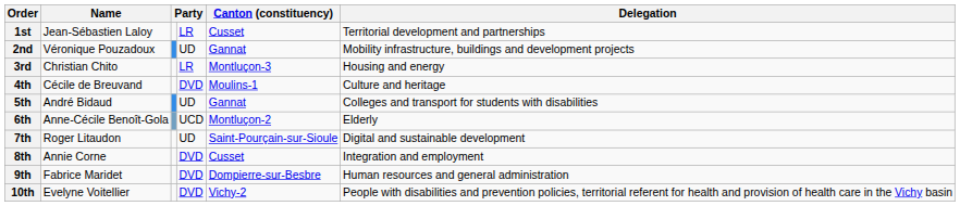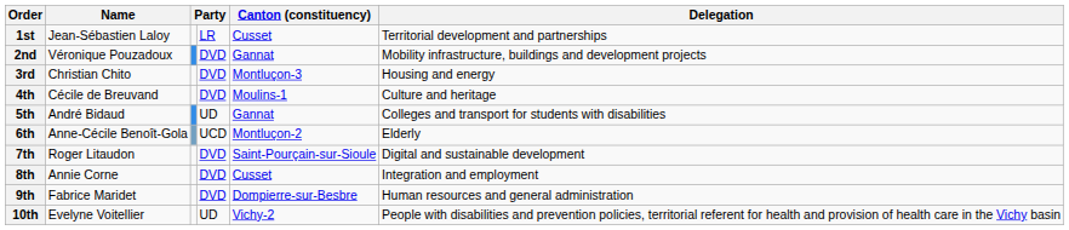 <table class="wikitable sortable">
 <tr>
 <th>Order</th>
 <th>Name</th>
 <th colspan="2">Party</th>
 <th><a href='#'>Canton</a> (constituency)</th>
 <th>Delegation</th>
 </tr>
 <tr>
 <th>1st</th>
 <td>Jean-Sébastien Laloy</td>
 <td style="color:inherit;background:"></td>
 <td><a href='#'>LR</a></td>
 <td><a href='#'>Cusset</a></td>
 <td>Territorial development and partnerships</td>
 </tr>
 <tr>
 <th>2nd</th>
 <td>Véronique Pouzadoux</td>
 <td style="color:inherit;background:#318CE7"></td>
-<td>UD</td>
+<td><a href='#'>DVD</a></td>
 <td><a href='#'>Gannat</a></td>
 <td>Mobility infrastructure, buildings and development projects</td>
 </tr>
 <tr>
 <th>3rd</th>
 <td>Christian Chito</td>
 <td style="color:inherit;background:"></td>
-<td><a href='#'>LR</a></td>
+<td><a href='#'>DVD</a></td>
 <td><a href='#'>Montluçon-3</a></td>
 <td>Housing and energy</td>
 </tr>
 <tr>
 <th>4th</th>
 <td>Cécile de Breuvand</td>
 <td style="color:inherit;background:"></td>
 <td><a href='#'>DVD</a></td>
 <td><a href='#'>Moulins-1</a></td>
 <td>Culture and heritage</td>
 </tr>
 <tr>
 <th>5th</th>
 <td>André Bidaud</td>
 <td style="color:inherit;background:#318CE7"></td>
 <td>UD</td>
 <td><a href='#'>Gannat</a></td>
 <td>Colleges and transport for students with disabilities</td>
 </tr>
 <tr>
 <th>6th</th>
 <td>Anne-Cécile Benoît-Gola</td>
 <td style="color:inherit;background:#72A0C1"></td>
 <td>UCD</td>
 <td><a href='#'>Montluçon-2</a></td>
 <td>Elderly</td>
 </tr>
 <tr>
 <th>7th</th>
 <td>Roger Litaudon</td>
 <td style="color:inherit;background:"></td>
-<td>UD</td>
+<td><a href='#'>DVD</a></td>
 <td><a href='#'>Saint-Pourçain-sur-Sioule</a></td>
 <td>Digital and sustainable development</td>
 </tr>
 <tr>
 <th>8th</th>
 <td>Annie Corne</td>
 <td style="color:inherit;background:"></td>
 <td><a href='#'>DVD</a></td>
 <td><a href='#'>Cusset</a></td>
 <td>Integration and employment</td>
 </tr>
 <tr>
 <th>9th</th>
 <td>Fabrice Maridet</td>
 <td style="color:inherit;background:"></td>
 <td><a href='#'>DVD</a></td>
 <td><a href='#'>Dompierre-sur-Besbre</a></td>
 <td>Human resources and general administration</td>
 </tr>
 <tr>
 <th>10th</th>
 <td>Evelyne Voitellier</td>
 <td style="color:inherit;background:"></td>
-<td><a href='#'>DVD</a></td>
+<td>UD</td>
 <td><a href='#'>Vichy-2</a></td>
 <td>People with disabilities and prevention policies, territorial referent for health and provision of health care in the <a href='#'>Vichy</a> basin</td>
 </tr>
 </table>
